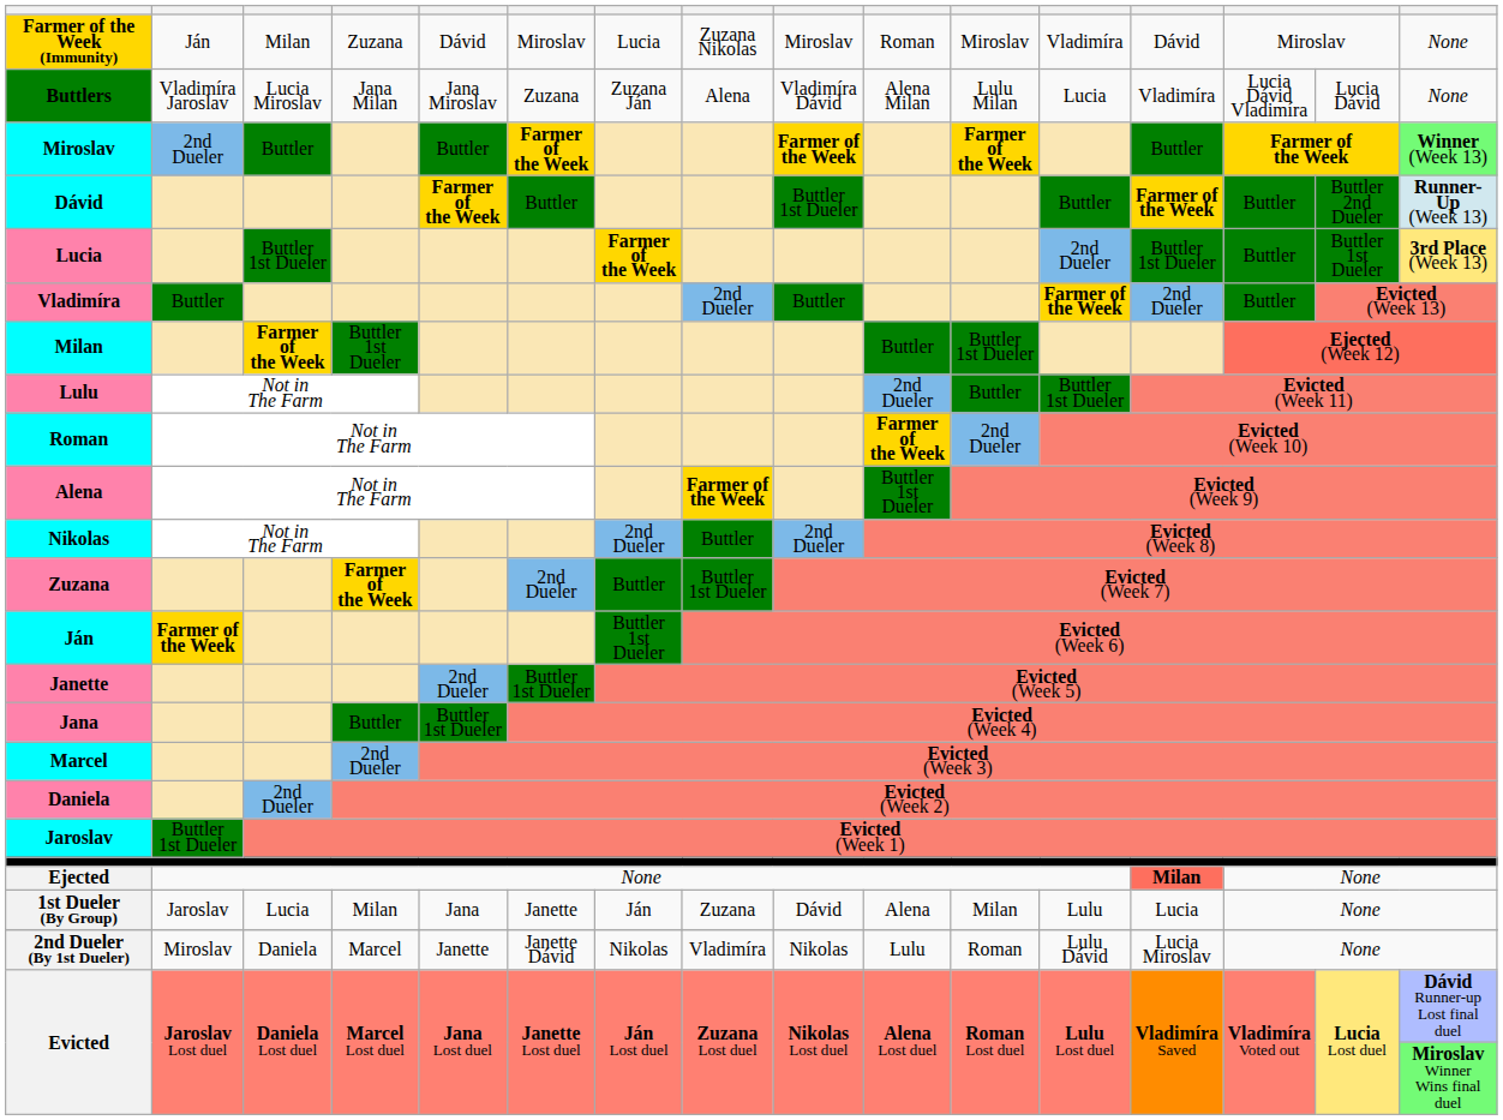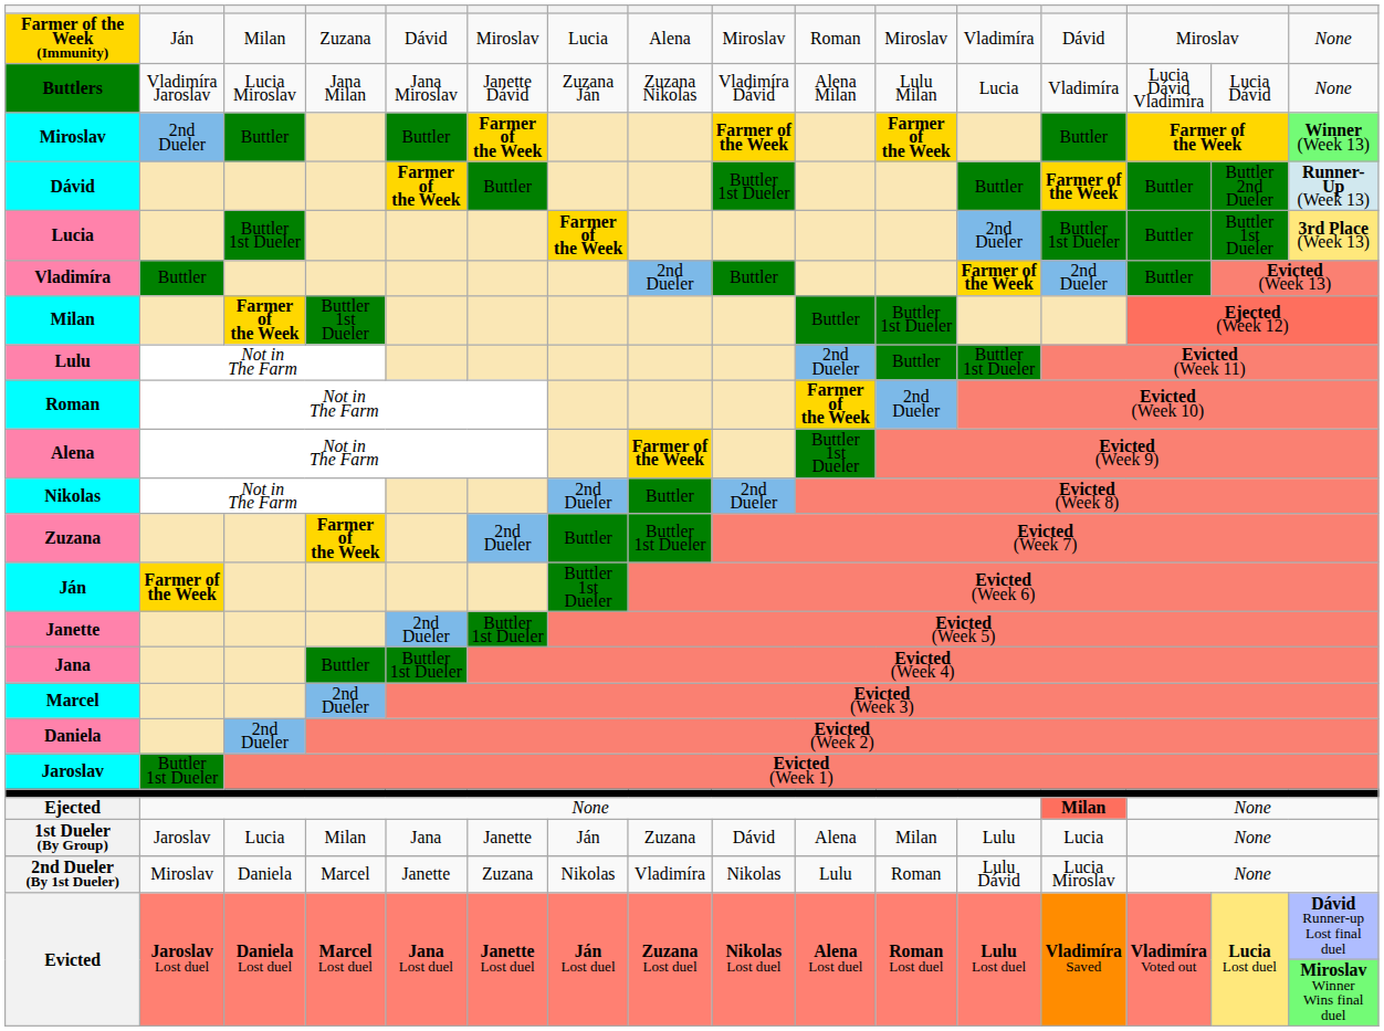 <table class="wikitable" style="text-align:center; width:80%; font-size:80%; line-height:10px">
 <tr>
 <th></th>
 <th></th>
 <th></th>
 <th></th>
 <th></th>
 <th></th>
 <th></th>
 <th></th>
 <th></th>
 <th></th>
 <th></th>
 <th></th>
 <th></th>
 <th colspan=2></th>
 <th></th>
 </tr>
 <tr>
 <th style="background:gold;" colspan=1>Farmer of the Week<br><small>(Immunity)</small></th>
 <td>Ján</td>
 <td>Milan</td>
 <td>Zuzana</td>
 <td>Dávid</td>
 <td>Miroslav</td>
 <td>Lucia</td>
-<td>Zuzana<br>Nikolas</td>
+<td>Alena</td>
 <td>Miroslav</td>
 <td>Roman</td>
 <td>Miroslav</td>
 <td>Vladimíra</td>
 <td>Dávid</td>
 <td colspan=2>Miroslav</td>
 <td><em>None</em></td>
 </tr>
 <tr>
 <th style="background:#008000;">Buttlers</th>
 <td>Vladimíra<br>Jaroslav</td>
 <td>Lucia<br>Miroslav</td>
 <td>Jana<br>Milan</td>
 <td>Jana<br>Miroslav</td>
-<td>Zuzana</td>
+<td>Janette<br>Dávid</td>
 <td>Zuzana<br>Ján</td>
-<td>Alena</td>
+<td>Zuzana<br>Nikolas</td>
 <td>Vladimíra<br>Dávid</td>
 <td>Alena<br>Milan</td>
 <td>Lulu<br>Milan</td>
 <td>Lucia</td>
 <td>Vladimíra</td>
 <td>Lucia<br>Dávid<br>Vladimíra</td>
 <td>Lucia<br>Dávid</td>
 <td colspan=3><em>None</em></td>
 </tr>
 <tr>
 <th style="background:cyan;">Miroslav</th>
 <td style="background:#7CB9E8;">2nd Dueler</td>
 <td style="background:#008000;">Buttler</td>
 <td style="background:#FAE7B5;"></td>
 <td style="background:#008000;">Buttler</td>
 <td style="background:gold;"><strong>Farmer of<br>the Week</strong></td>
 <td style="background:#FAE7B5;"></td>
 <td style="background:#FAE7B5;"></td>
 <td style="background:gold;"><strong>Farmer of<br>the Week</strong></td>
 <td style="background:#FAE7B5;"></td>
 <td style="background:gold;"><strong>Farmer of<br>the Week</strong></td>
 <td style="background:#FAE7B5;"></td>
 <td style="background:#008000;">Buttler</td>
 <td colspan=2 style="background:gold;"><strong>Farmer of<br>the Week</strong></td>
 <td style="background:#73FB76" colspan=2><strong>Winner</strong> <br> (Week 13)</td>
 </tr>
 <tr>
 <th style="background:cyan;">Dávid</th>
 <td style="background:#FAE7B5;"></td>
 <td style="background:#FAE7B5;"></td>
 <td style="background:#FAE7B5;"></td>
 <td style="background:gold;"><strong>Farmer of<br>the Week</strong></td>
 <td style="background:#008000;">Buttler</td>
 <td style="background:#FAE7B5;"></td>
 <td style="background:#FAE7B5;"></td>
 <td style="background:#008000;">Buttler<br>1st Dueler</td>
 <td style="background:#FAE7B5;"></td>
 <td style="background:#FAE7B5;"></td>
 <td style="background:#008000;">Buttler</td>
 <td style="background:gold;"><strong>Farmer of<br>the Week</strong></td>
 <td style="background:#008000;">Buttler</td>
 <td style="background:#008000;">Buttler<br>2nd Dueler</td>
 <td style="background:#D1E8EF" colspan=2><strong>Runner-Up</strong> <br> (Week 13)</td>
 </tr>
 <tr>
 <th style="background:#FF82AB;">Lucia</th>
 <td style="background:#FAE7B5;"></td>
 <td style="background:#008000;">Buttler<br>1st Dueler</td>
 <td style="background:#FAE7B5;"></td>
 <td style="background:#FAE7B5;"></td>
 <td style="background:#FAE7B5;"></td>
 <td style="background:gold;"><strong>Farmer of<br>the Week</strong></td>
 <td style="background:#FAE7B5;"></td>
 <td style="background:#FAE7B5;"></td>
 <td style="background:#FAE7B5;"></td>
 <td style="background:#FAE7B5;"></td>
 <td style="background:#7CB9E8;">2nd Dueler</td>
 <td style="background:#008000;">Buttler<br>1st Dueler</td>
 <td style="background:#008000;">Buttler</td>
 <td style="background:#008000;">Buttler<br>1st Dueler</td>
 <td style="background:#FFE87C"><strong>3rd Place</strong> <br> (Week 13)</td>
 </tr>
 <tr>
 <th style="background:#FF82AB;">Vladimíra</th>
 <td style="background:#008000;">Buttler</td>
 <td style="background:#FAE7B5;"></td>
 <td style="background:#FAE7B5;"></td>
 <td style="background:#FAE7B5;"></td>
 <td style="background:#FAE7B5;"></td>
 <td style="background:#FAE7B5;"></td>
 <td style="background:#7CB9E8;">2nd Dueler</td>
 <td style="background:#008000;">Buttler</td>
 <td style="background:#FAE7B5;"></td>
 <td style="background:#FAE7B5;"></td>
 <td style="background:gold;"><strong>Farmer of<br>the Week</strong></td>
 <td style="background:#7CB9E8;">2nd Dueler</td>
 <td style="background:#008000;">Buttler</td>
 <td colspan=16 style="background:salmon;"><strong>Evicted</strong> <br> (Week 13)</td>
 </tr>
 <tr>
 <th style="background:cyan;">Milan</th>
 <td style="background:#FAE7B5;"></td>
 <td style="background:gold;"><strong>Farmer of<br>the Week</strong></td>
 <td style="background:#008000;">Buttler<br>1st Dueler</td>
 <td style="background:#FAE7B5;"></td>
 <td style="background:#FAE7B5;"></td>
 <td style="background:#FAE7B5;"></td>
 <td style="background:#FAE7B5;"></td>
 <td style="background:#FAE7B5;"></td>
 <td style="background:#008000;">Buttler</td>
 <td style="background:#008000;">Buttler<br>1st Dueler</td>
 <td style="background:#FAE7B5;"></td>
 <td style="background:#FAE7B5;"></td>
 <td style="background:#FE6F5E; text-align:center;" colspan=16><strong>Ejected</strong> <br> (Week 12)</td>
 </tr>
 <tr>
 <th style="background:#FF82AB;">Lulu</th>
 <td style="background:#FFFFFF; text-align:center;" colspan=3><em>Not in<br>The Farm</em></td>
 <td style="background:#FAE7B5;"></td>
 <td style="background:#FAE7B5;"></td>
 <td style="background:#FAE7B5;"></td>
 <td style="background:#FAE7B5;"></td>
 <td style="background:#FAE7B5;"></td>
 <td style="background:#7CB9E8;">2nd Dueler</td>
 <td style="background:#008000;">Buttler</td>
 <td style="background:#008000;">Buttler<br>1st Dueler</td>
 <td colspan=16 style="background:salmon;"><strong>Evicted</strong> <br> (Week 11)</td>
 </tr>
 <tr>
 <th style="background:cyan;">Roman</th>
 <td style="background:#FFFFFF; text-align:center;" colspan=5><em>Not in<br>The Farm</em></td>
 <td style="background:#FAE7B5;"></td>
 <td style="background:#FAE7B5;"></td>
 <td style="background:#FAE7B5;"></td>
 <td style="background:gold;"><strong>Farmer of<br>the Week</strong></td>
 <td style="background:#7CB9E8;">2nd Dueler</td>
 <td colspan=16 style="background:salmon;"><strong>Evicted</strong> <br> (Week 10)</td>
 </tr>
 <tr>
 <th style="background:#FF82AB;">Alena</th>
 <td style="background:#FFFFFF; text-align:center;" colspan=5><em>Not in<br>The Farm</em></td>
 <td style="background:#FAE7B5;"></td>
 <td style="background:gold;"><strong>Farmer of<br>the Week</strong></td>
 <td style="background:#FAE7B5;"></td>
 <td style="background:#008000;">Buttler<br>1st Dueler</td>
 <td colspan=16 style="background:salmon;"><strong>Evicted</strong> <br> (Week 9)</td>
 </tr>
 <tr>
 <th style="background:cyan;">Nikolas</th>
 <td style="background:#FFFFFF; text-align:center;" colspan=3><em>Not in<br>The Farm</em></td>
 <td style="background:#FAE7B5;"></td>
 <td style="background:#FAE7B5;"></td>
 <td style="background:#7CB9E8;">2nd Dueler</td>
 <td style="background:#008000;">Buttler</td>
 <td style="background:#7CB9E8;">2nd Dueler</td>
 <td colspan=16 style="background:salmon;"><strong>Evicted</strong> <br> (Week 8)</td>
 </tr>
 <tr>
 <th style="background:#FF82AB;">Zuzana</th>
 <td style="background:#FAE7B5;"></td>
 <td style="background:#FAE7B5;"></td>
 <td style="background:gold;"><strong>Farmer of<br>the Week</strong></td>
 <td style="background:#FAE7B5;"></td>
 <td style="background:#7CB9E8;">2nd Dueler</td>
 <td style="background:#008000;">Buttler</td>
 <td style="background:#008000;">Buttler<br>1st Dueler</td>
 <td colspan=16 style="background:salmon;"><strong>Evicted</strong> <br> (Week 7)</td>
 </tr>
 <tr>
 <th style="background:cyan;">Ján</th>
 <td style="background:gold;"><strong>Farmer of<br>the Week</strong></td>
 <td style="background:#FAE7B5;"></td>
 <td style="background:#FAE7B5;"></td>
 <td style="background:#FAE7B5;"></td>
 <td style="background:#FAE7B5;"></td>
 <td style="background:#008000;">Buttler<br>1st Dueler</td>
 <td colspan=16 style="background:salmon;"><strong>Evicted</strong> <br> (Week 6)</td>
 </tr>
 <tr>
 <th style="background:#FF82AB;">Janette</th>
 <td style="background:#FAE7B5;"></td>
 <td style="background:#FAE7B5;"></td>
 <td style="background:#FAE7B5;"></td>
 <td style="background:#7CB9E8;">2nd Dueler</td>
 <td style="background:#008000;">Buttler<br>1st Dueler</td>
 <td colspan=16 style="background:salmon;"><strong>Evicted</strong> <br> (Week 5)</td>
 </tr>
 <tr>
 <th style="background:#FF82AB;">Jana</th>
 <td style="background:#FAE7B5;"></td>
 <td style="background:#FAE7B5;"></td>
 <td style="background:#008000;">Buttler</td>
 <td style="background:#008000;">Buttler<br>1st Dueler</td>
 <td colspan=16 style="background:salmon;"><strong>Evicted</strong> <br> (Week 4)</td>
 </tr>
 <tr>
 <th style="background:cyan;">Marcel</th>
 <td style="background:#FAE7B5;"></td>
 <td style="background:#FAE7B5;"></td>
 <td style="background:#7CB9E8;">2nd Dueler</td>
 <td colspan=16 style="background:salmon;"><strong>Evicted</strong> <br> (Week 3)</td>
 </tr>
 <tr>
 <th style="background:#FF82AB;">Daniela</th>
 <td style="background:#FAE7B5;"></td>
 <td style="background:#7CB9E8;">2nd Dueler</td>
 <td colspan=16 style="background:salmon;"><strong>Evicted</strong> <br> (Week 2)</td>
 </tr>
 <tr>
 <th style="background:cyan;">Jaroslav</th>
 <td style="background:#008000;">Buttler<br>1st Dueler</td>
 <td colspan=16 style="background:salmon;"><strong>Evicted</strong> <br> (Week 1)</td>
 </tr>
 <tr>
 <th style="background:#000000;" colspan="17"></th>
 </tr>
 <tr>
 <th>Ejected</th>
 <td colspan="11"><em>None</em></td>
 <td style="background:#FE6F5E;"><strong>Milan</strong></td>
 <td colspan="14"><em>None</em></td>
 </tr>
 <tr>
 <th>1st Dueler<br><small>(By Group)</small></th>
 <td>Jaroslav</td>
 <td>Lucia</td>
 <td>Milan</td>
 <td>Jana</td>
 <td>Janette</td>
 <td>Ján</td>
 <td>Zuzana</td>
 <td>Dávid</td>
 <td>Alena</td>
 <td>Milan</td>
 <td>Lulu</td>
 <td>Lucia</td>
 <td colspan=3><em>None</em></td>
 </tr>
 <tr>
 </tr>
 <tr>
 <th>2nd Dueler<br><small>(By 1st Dueler)</small></th>
 <td>Miroslav</td>
 <td>Daniela</td>
 <td>Marcel</td>
 <td>Janette</td>
-<td>Janette<br>Dávid</td>
+<td>Zuzana</td>
 <td>Nikolas</td>
 <td>Vladimíra</td>
 <td>Nikolas</td>
 <td>Lulu</td>
 <td>Roman</td>
 <td>Lulu<br>Dávid</td>
 <td>Lucia<br>Miroslav</td>
 <td colspan=3><em>None</em></td>
 </tr>
 <tr>
 <th rowspan="2">Evicted</th>
 <td rowspan="2" style="background:#FF8072"><strong>Jaroslav</strong><br><small>Lost duel</small></td>
 <td rowspan="2" style="background:#FF8072"><strong>Daniela</strong><br><small>Lost duel</small></td>
 <td rowspan="2" style="background:#FF8072"><strong>Marcel</strong><br><small>Lost duel</small></td>
 <td rowspan="2" style="background:#FF8072"><strong>Jana</strong><br><small>Lost duel</small></td>
 <td rowspan="2" style="background:#FF8072"><strong>Janette</strong><br><small>Lost duel</small></td>
 <td rowspan="2" style="background:#FF8072"><strong>Ján</strong><br><small>Lost duel</small></td>
 <td rowspan="2" style="background:#FF8072"><strong>Zuzana</strong><br><small>Lost duel</small></td>
 <td rowspan="2" style="background:#FF8072"><strong>Nikolas</strong><br><small>Lost duel</small></td>
 <td rowspan="2" style="background:#FF8072"><strong>Alena</strong><br><small>Lost duel</small></td>
 <td rowspan="2" style="background:#FF8072"><strong>Roman</strong><br><small>Lost duel</small></td>
 <td rowspan="2" style="background:#FF8072"><strong>Lulu</strong><br><small>Lost duel</small></td>
 <td rowspan="2" style="background:#FF8C00"><strong>Vladimíra</strong><br><small>Saved</small></td>
 <td rowspan="2" style="background:#FF8072"><strong>Vladimíra</strong><br><small>Voted out</small></td>
 <td rowspan="2" style="background:#FFE87C"><strong>Lucia</strong><br><small>Lost duel</small></td>
 <td style="background:#afbdff"><strong>Dávid</strong><br><small>Runner-up<br>Lost final duel</small></td>
 </tr>
 <tr>
 <td style="background:#73FB76"><strong>Miroslav</strong><br><small>Winner<br>Wins final duel</small></td>
 </tr>
 </table>
